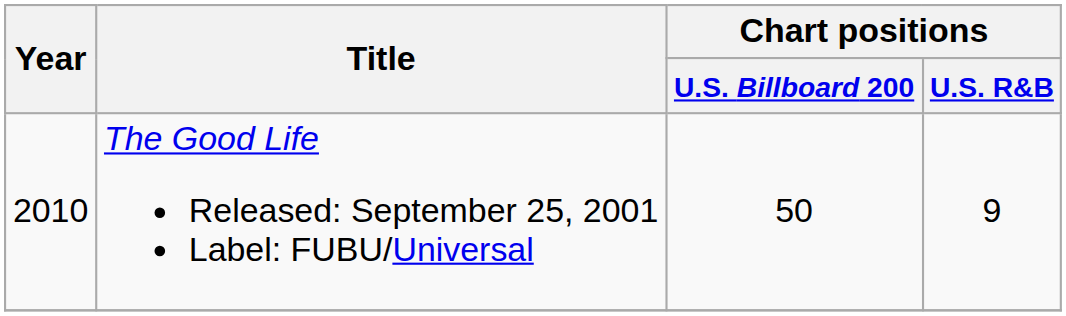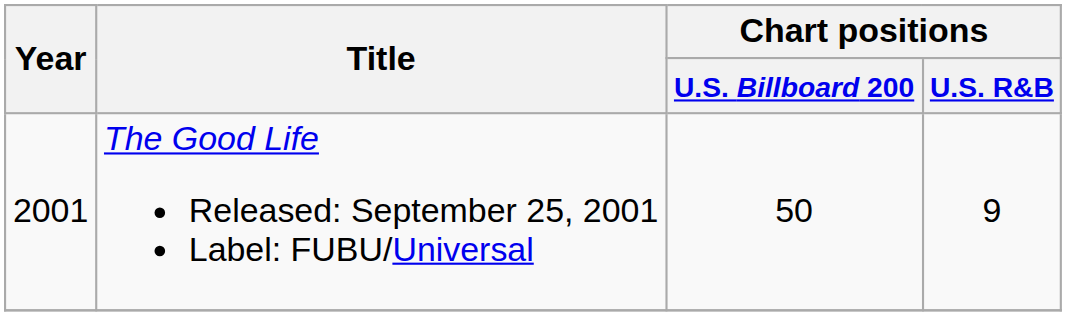 <table class="wikitable">
 <tr>
 <th rowspan="2">Year</th>
 <th rowspan="2">Title</th>
 <th colspan="2">Chart positions</th>
 </tr>
 <tr>
 <th><small><a href='#'>U.S. <em>Billboard</em> 200</a></small></th>
 <th><small><a href='#'>U.S. R&B</a></small></th>
 </tr>
 <tr>
-<td>2010</td>
+<td>2001</td>
 <td><em><a href='#'>The Good Life</a></em><br><ul><li>Released: September 25, 2001</li><li>Label: FUBU/<a href='#'>Universal</a></li></ul></td>
 <td align="center">50</td>
 <td align="center">9</td>
 </tr>
 <tr>
 </tr>
 </table>
